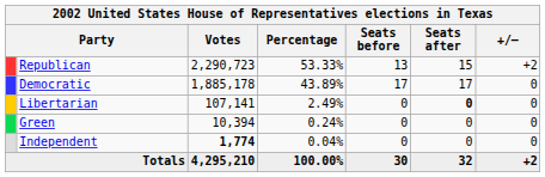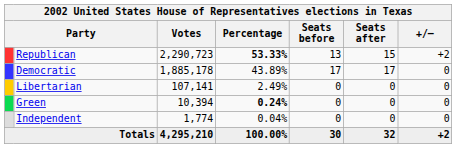 <table class="wikitable" style="font-size: 95%;">
 <tr>
 <th colspan="7">2002 United States House of Representatives elections in Texas</th>
 </tr>
 <tr>
 <th colspan=2 style="width: 15em">Party</th>
 <th style="width: 5em">Votes</th>
 <th style="width: 7em">Percentage</th>
 <th style="width: 5em">Seats before</th>
 <th style="width: 5em">Seats after</th>
 <th style="width: 5em">+/–</th>
 </tr>
 <tr>
 <th style="background-color:#FF3333; width: 3px"></th>
 <td style="width: 130px"><a href='#'>Republican</a></td>
 <td align="right">2,290,723</td>
-<td align="right">53.33%</td>
+<td align="right"><strong>53.33%</strong></td>
 <td align="right">13</td>
 <td align="right">15</td>
 <td align="right">+2</td>
 </tr>
 <tr>
 <th style="background-color:#3333FF; width: 3px"></th>
 <td style="width: 130px"><a href='#'>Democratic</a></td>
 <td align="right">1,885,178</td>
 <td align="right">43.89%</td>
 <td align="right">17</td>
 <td align="right">17</td>
 <td align="right">0</td>
 </tr>
 <tr>
 <th style="background-color:#FFCC00; width: 3px"></th>
 <td style="width: 130px"><a href='#'>Libertarian</a></td>
 <td align="right">107,141</td>
 <td align="right">2.49%</td>
 <td align="right">0</td>
-<td align="right"><strong>0</strong></td>
+<td align="right">0</td>
 <td align="right">0</td>
 </tr>
 <tr>
 <th style="background-color:#0BDA51; width: 3px"></th>
 <td style="width: 130px"><a href='#'>Green</a></td>
 <td align="right">10,394</td>
-<td align="right">0.24%</td>
+<td align="right"><strong>0.24%</strong></td>
 <td align="right">0</td>
 <td align="right">0</td>
 <td align="right">0</td>
 </tr>
 <tr>
 <th style="background-color:#DDDDDD; width: 3px"></th>
 <td style="width: 130px"><a href='#'>Independent</a></td>
-<td align="right"><strong>1,774</strong></td>
+<td align="right">1,774</td>
 <td align="right">0.04%</td>
 <td align="right">0</td>
 <td align="right">0</td>
 <td align="right">0</td>
 </tr>
 <tr bgcolor="#EEEEEE">
 <td colspan="2" align="right"><strong>Totals</strong></td>
 <td align="right"><strong>4,295,210</strong></td>
 <td align="right"><strong>100.00%</strong></td>
 <td align="right"><strong>30</strong></td>
 <td align="right"><strong>32</strong></td>
 <td align="right"><strong>+2</strong></td>
 </tr>
 </table>
